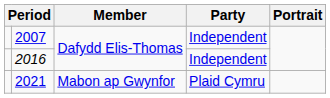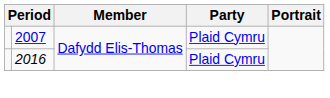 <table class="wikitable">
 <tr>
 <th colspan=2>Period</th>
 <th>Member</th>
 <th>Party</th>
 <th>Portrait</th>
 </tr>
 <tr>
 <td style="background-color: "></td>
 <td><a href='#'>2007</a></td>
 <td rowspan=2><a href='#'>Dafydd Elis-Thomas</a></td>
-<td><a href='#'>Independent</a></td>
+<td><a href='#'>Plaid Cymru</a></td>
 <td rowspan=2></td>
 </tr>
 <tr>
 <td style="background-color: "></td>
 <td><em>2016</em></td>
-<td><a href='#'>Independent</a></td>
-</tr>
-<tr>
-<td style="background-color: "></td>
-<td><a href='#'>2021</a></td>
-<td><a href='#'>Mabon ap Gwynfor</a></td>
 <td><a href='#'>Plaid Cymru</a></td>
-<td></td>
 </tr>
 </table>
